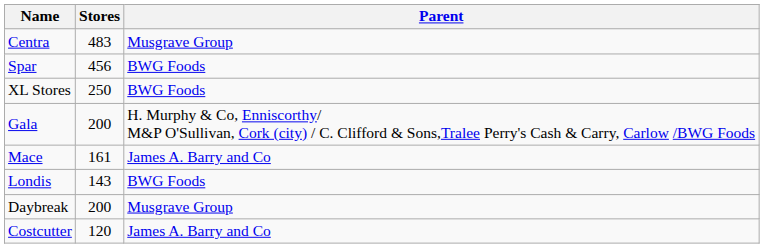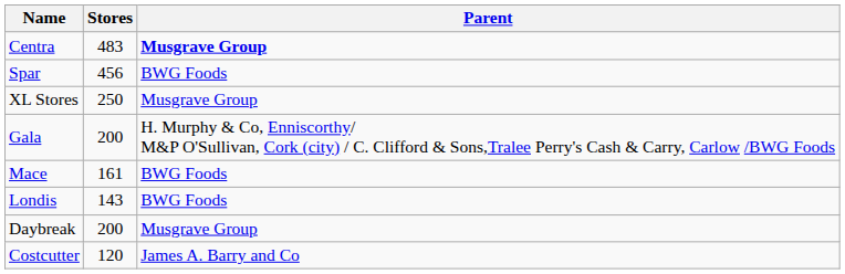 <table class="wikitable sortable">
 <tr>
 <th>Name</th>
 <th>Stores</th>
 <th><a href='#'>Parent</a></th>
 </tr>
 <tr>
 <td><a href='#'>Centra</a></td>
 <td align="center">483</td>
-<td><a href='#'>Musgrave Group</a></td>
+<td><strong><a href='#'>Musgrave Group</a></strong></td>
 </tr>
 <tr>
 <td><a href='#'>Spar</a></td>
 <td align="center">456</td>
 <td><a href='#'>BWG Foods</a></td>
 </tr>
 <tr>
 <td>XL Stores</td>
 <td align="center">250</td>
-<td><a href='#'>BWG Foods</a></td>
+<td><a href='#'>Musgrave Group</a></td>
 </tr>
 <tr>
 <td><a href='#'>Gala</a></td>
 <td align="center">200</td>
 <td>H. Murphy & Co, <a href='#'>Enniscorthy</a>/<br>M&P O'Sullivan, <a href='#'>Cork (city)</a> / C. Clifford & Sons,<a href='#'>Tralee</a> Perry's Cash & Carry, <a href='#'>Carlow</a> <a href='#'>/BWG Foods</a></td>
 </tr>
 <tr>
 <td><a href='#'>Mace</a></td>
 <td align="center">161</td>
-<td><a href='#'>James A. Barry and Co</a></td>
+<td><a href='#'>BWG Foods</a></td>
 </tr>
 <tr>
 <td><a href='#'>Londis</a></td>
 <td align="center">143</td>
 <td><a href='#'>BWG Foods</a></td>
 </tr>
 <tr>
 <td>Daybreak</td>
 <td align="center"'>200</td>
 <td><a href='#'>Musgrave Group</a></td>
 </tr>
 <tr>
 <td><a href='#'>Costcutter</a></td>
 <td align="center">120</td>
 <td><a href='#'>James A. Barry and Co</a></td>
 </tr>
 </table>
